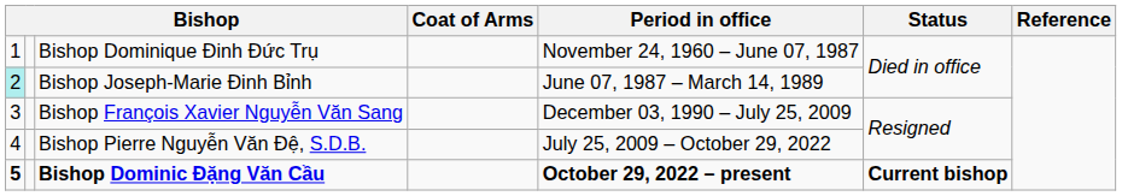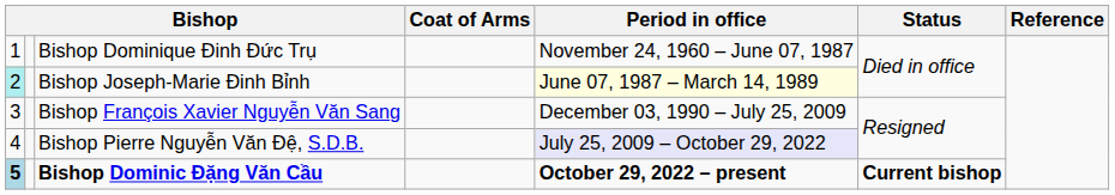 <table class="wikitable">
 <tr>
 <th colspan="3">Bishop</th>
 <th>Coat of Arms</th>
 <th>Period in office</th>
 <th>Status</th>
 <th>Reference</th>
 </tr>
 <tr>
 <td>1</td>
 <td></td>
 <td>Bishop Dominique Ðinh Ðức Trụ</td>
 <td></td>
 <td>November 24, 1960 – June 07, 1987</td>
 <td rowspan=2><em>Died in office</em></td>
 <td rowspan=5></td>
 </tr>
 <tr>
 <td style="background: paleturquoise;">2</td>
 <td></td>
 <td>Bishop Joseph-Marie Ðinh Bỉnh</td>
 <td></td>
-<td>June 07, 1987 – March 14, 1989</td>
+<td style="background: lightyellow;">June 07, 1987 – March 14, 1989</td>
 </tr>
 <tr>
 <td>3</td>
 <td></td>
 <td>Bishop <a href='#'>François Xavier Nguyễn Văn Sang</a></td>
 <td></td>
 <td>December 03, 1990 – July 25, 2009</td>
 <td rowspan=2><em>Resigned</em></td>
 </tr>
 <tr>
 <td>4</td>
 <td></td>
 <td>Bishop Pierre Nguyễn Văn Đệ, <a href='#'>S.D.B.</a></td>
 <td></td>
-<td>July 25, 2009 – October 29, 2022</td>
+<td style="background: lavender;">July 25, 2009 – October 29, 2022</td>
 </tr>
 <tr>
-<td><strong>5</strong></td>
+<td style="background: lightblue;"><strong>5</strong></td>
 <td></td>
 <td><strong>Bishop <a href='#'>Dominic Đặng Văn Cầu</a></strong></td>
 <td></td>
 <td><strong>October 29, 2022 – present</strong></td>
 <td><strong>Current bishop</strong></td>
 </tr>
 </table>
